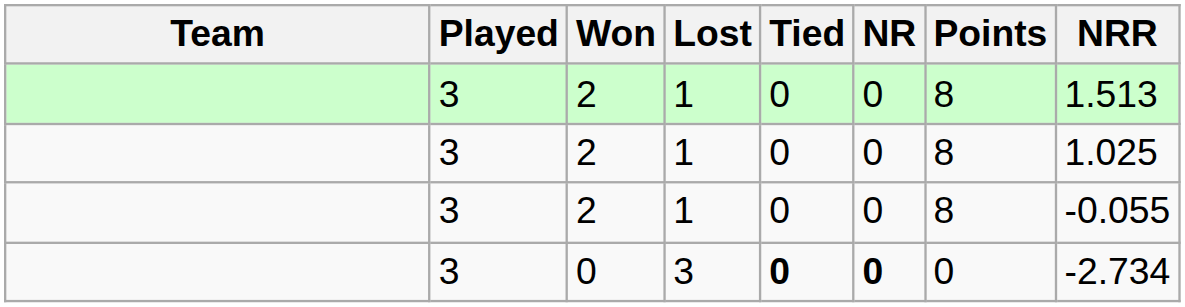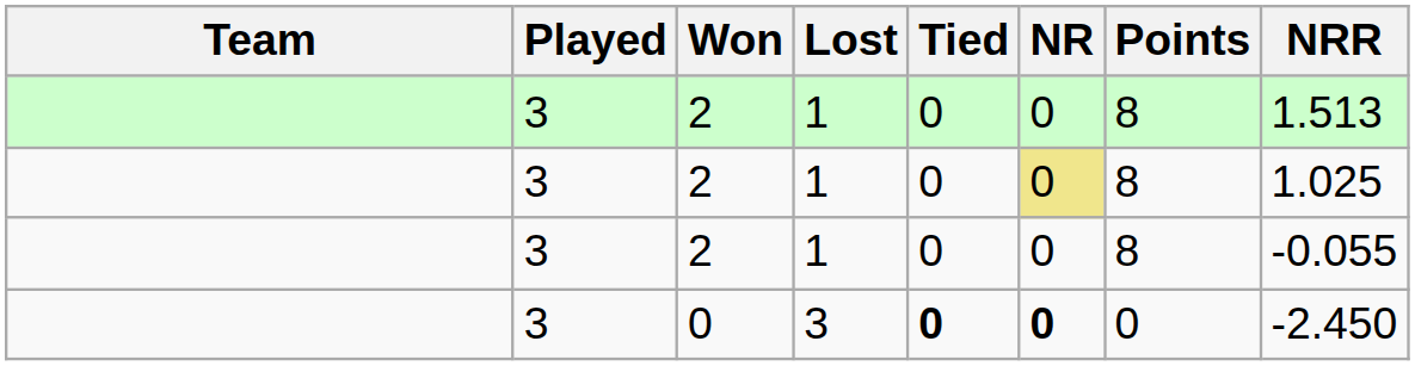 <table class="wikitable">
 <tr>
 <th width=175>Team</th>
 <th>Played</th>
 <th>Won</th>
 <th>Lost</th>
 <th>Tied</th>
 <th>NR</th>
 <th>Points</th>
 <th>NRR</th>
 </tr>
 <tr style="background:#ccffcc">
 <td></td>
 <td>3</td>
 <td>2</td>
 <td>1</td>
 <td>0</td>
 <td>0</td>
 <td>8</td>
 <td>1.513</td>
 </tr>
 <tr>
 <td></td>
 <td>3</td>
 <td>2</td>
 <td>1</td>
 <td>0</td>
-<td>0</td>
+<td style="background: khaki;">0</td>
 <td>8</td>
 <td>1.025</td>
 </tr>
 <tr>
 <td></td>
 <td>3</td>
 <td>2</td>
 <td>1</td>
 <td>0</td>
 <td>0</td>
 <td>8</td>
 <td>-0.055</td>
 </tr>
 <tr>
 <td></td>
 <td>3</td>
 <td>0</td>
 <td>3</td>
 <td><strong>0</strong></td>
 <td><strong>0</strong></td>
 <td>0</td>
-<td>-2.734</td>
+<td>-2.450</td>
 </tr>
 </table>
